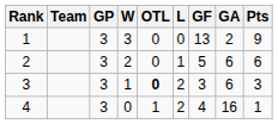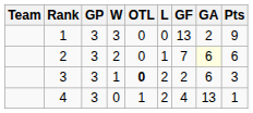 <table class="wikitable" style="text-align:center">
 <tr>
+<th>Team</th>
 <th>Rank</th>
-<th>Team</th>
 <th>GP</th>
 <th>W</th>
 <th>OTL</th>
 <th>L</th>
 <th>GF</th>
 <th>GA</th>
 <th>Pts</th>
 </tr>
 <tr>
+<td align="left"></td>
 <td>1</td>
-<td align="left"></td>
 <td>3</td>
 <td>3</td>
 <td>0</td>
 <td>0</td>
 <td>13</td>
 <td>2</td>
 <td>9</td>
 </tr>
 <tr>
+<td align="left"></td>
 <td>2</td>
-<td align="left"></td>
 <td>3</td>
 <td>2</td>
 <td>0</td>
 <td>1</td>
-<td>5</td>
-<td>6</td>
+<td>7</td>
+<td style="background: lightyellow;">6</td>
 <td>6</td>
 </tr>
 <tr>
+<td align="left"></td>
 <td>3</td>
-<td align="left"></td>
 <td>3</td>
 <td>1</td>
 <td><strong>0</strong></td>
 <td>2</td>
-<td>3</td>
+<td>2</td>
 <td>6</td>
 <td>3</td>
 </tr>
 <tr>
+<td align="left"></td>
 <td>4</td>
-<td align="left"></td>
 <td>3</td>
 <td>0</td>
 <td>1</td>
 <td>2</td>
 <td>4</td>
-<td>16</td>
+<td>13</td>
 <td>1</td>
 </tr>
 </table>
